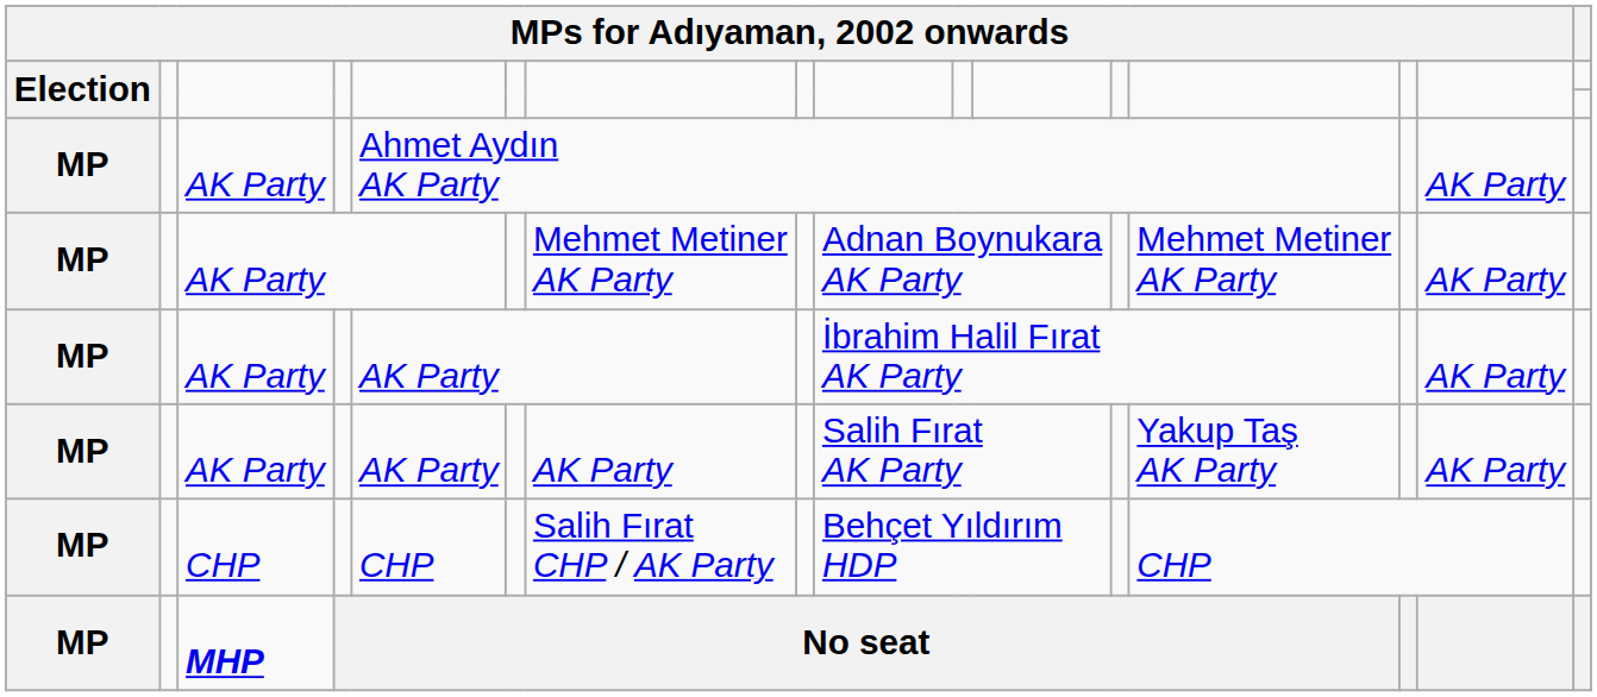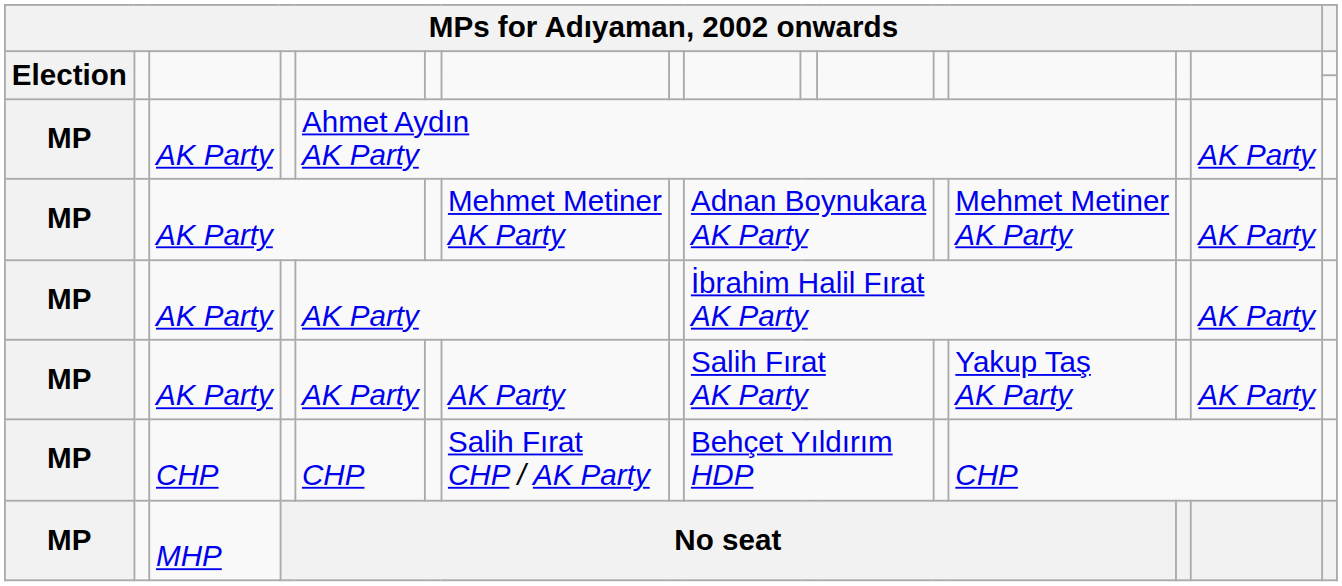 <table class="wikitable">
 <tr>
 <th colspan="15">MPs for Adıyaman, 2002 onwards</th>
 <th></th>
 </tr>
 <tr>
 <th rowspan = 2>Election</th>
 <td rowspan="2" style="width:1px;"></td>
 <td rowspan = 2></td>
 <td rowspan="2" style="width:1px;"></td>
 <td rowspan = 2></td>
 <td rowspan="2" style="width:1px;"></td>
 <td rowspan = 2></td>
 <td rowspan="2" style="width:1px;"></td>
 <td rowspan = 2></td>
 <td rowspan="2" style="width:1px;"></td>
 <td rowspan = 2></td>
 <td rowspan="2"></td>
 <td rowspan="2"></td>
 <td rowspan="2"></td>
 <td rowspan="2"></td>
 <td></td>
 </tr>
 <tr>
 <td></td>
 </tr>
 <tr>
 <th>MP</th>
 <td width=1px style="background-color: "></td>
 <td colspan = 1><br><em><a href='#'>AK Party</a></em></td>
 <td width=1px style="background-color: "></td>
 <td colspan="9"><a href='#'>Ahmet Aydın</a><br><em><a href='#'>AK Party</a></em></td>
 <td width="1px" style="background-color: "></td>
 <td colspan="1"><br><em><a href='#'>AK Party</a></em></td>
 <td width="1px" style="background-color: "></td>
 </tr>
 <tr>
 <th>MP</th>
 <td width=1px style="background-color: "></td>
 <td colspan = 3><br><em><a href='#'>AK Party</a></em></td>
 <td width=1px style="background-color: "></td>
 <td colspan = 1><a href='#'>Mehmet Metiner</a><br><em><a href='#'>AK Party</a></em></td>
 <td width=1px style="background-color: "></td>
 <td colspan = 3><a href='#'>Adnan Boynukara</a><br><em><a href='#'>AK Party</a></em></td>
 <td width="1px" style="background-color: "></td>
 <td colspan="1"><a href='#'>Mehmet Metiner</a><br><em><a href='#'>AK Party</a></em></td>
 <td width="1px" style="background-color: "></td>
 <td colspan="1"><br><em><a href='#'>AK Party</a></em></td>
 <td width="1px" style="background-color: "></td>
 </tr>
 <tr>
 <th>MP</th>
 <td width=1px style="background-color: "></td>
 <td colspan = 1><br><em><a href='#'>AK Party</a></em></td>
 <td width=1px style="background-color: "></td>
 <td colspan = 3><br><em><a href='#'>AK Party</a></em></td>
 <td width=1px style="background-color: "></td>
 <td colspan="5"><a href='#'>İbrahim Halil Fırat</a><br><em><a href='#'>AK Party</a></em></td>
 <td width="1px" style="background-color: "></td>
 <td colspan="1"><br><em><a href='#'>AK Party</a></em></td>
 <td width="1px" style="background-color: "></td>
 </tr>
 <tr>
 <th>MP</th>
 <td width=1px style="background-color: "></td>
 <td colspan = 1><br><em><a href='#'>AK Party</a></em></td>
 <td width=1px style="background-color: "></td>
 <td colspan = 1><br><em><a href='#'>AK Party</a></em></td>
 <td width=1px style="background-color: "></td>
 <td colspan = 1><br><em><a href='#'>AK Party</a></em></td>
 <td width=1px style="background-color: "></td>
 <td colspan = 3><a href='#'>Salih Fırat</a><br><em><a href='#'>AK Party</a></em></td>
 <td width="1px" style="background-color: "></td>
 <td colspan="1"><a href='#'>Yakup Taş</a><br><em><a href='#'>AK Party</a></em></td>
 <td width="1px" style="background-color: "></td>
 <td colspan="1"><br><em><a href='#'>AK Party</a></em></td>
 <td width="1px" style="background-color: "></td>
 </tr>
 <tr>
 <th>MP</th>
 <td width=1px style="background-color: "></td>
 <td colspan = 1><br><em><a href='#'>CHP</a></em></td>
 <td width=1px style="background-color: "></td>
 <td colspan = 1><br><em><a href='#'>CHP</a></em></td>
 <td width=1px style="background-color: "></td>
 <td colspan = 1><a href='#'>Salih Fırat</a><br><em><a href='#'>CHP</a> / <a href='#'>AK Party</a></em></td>
 <td width=1px style="background-color: "></td>
 <td colspan = 3><a href='#'>Behçet Yıldırım</a><br><em><a href='#'>HDP</a></em></td>
 <td width="1px" style="background-color: "></td>
 <td colspan="3"><br><em><a href='#'>CHP</a></em></td>
 <td width="1px" style="background-color: "></td>
 </tr>
 <tr>
 <th>MP</th>
 <td width=1px style="background-color: "></td>
-<td colspan = 1><strong><br><em><a href='#'>MHP</a></em></strong></td>
+<td colspan = 1><br><em><a href='#'>MHP</a></em></td>
 <th colspan="10">No seat</th>
 <th></th>
 <th></th>
 <th></th>
 </tr>
 </table>
